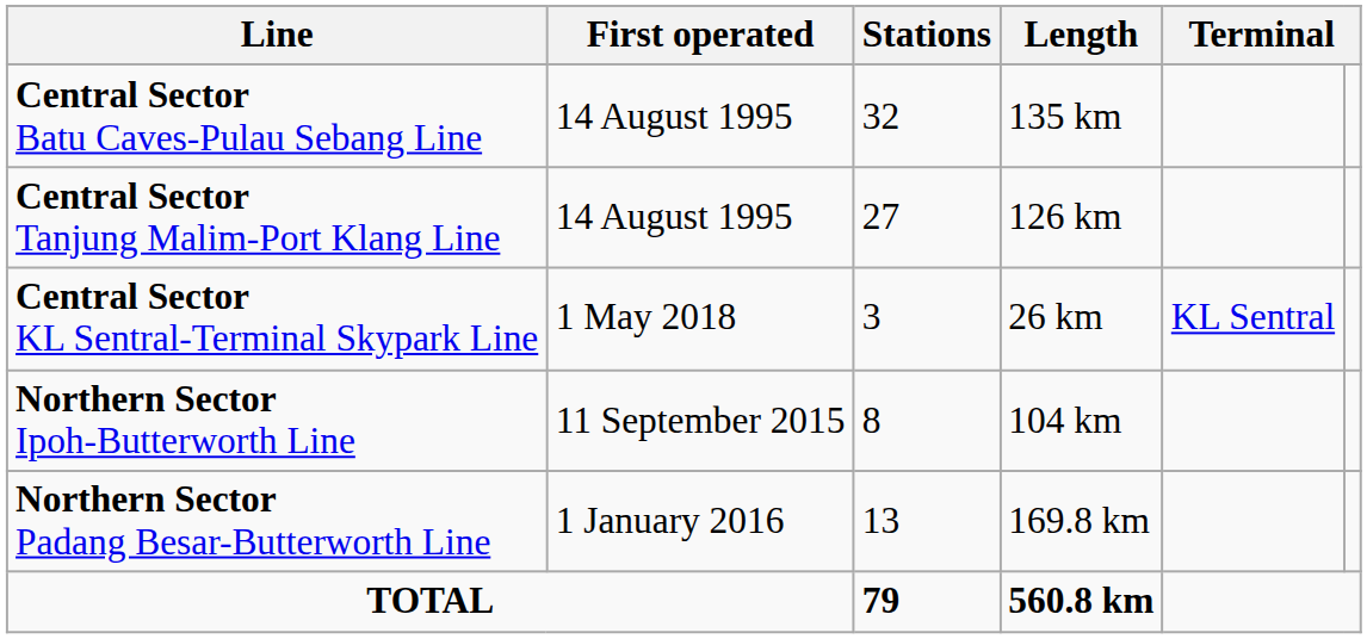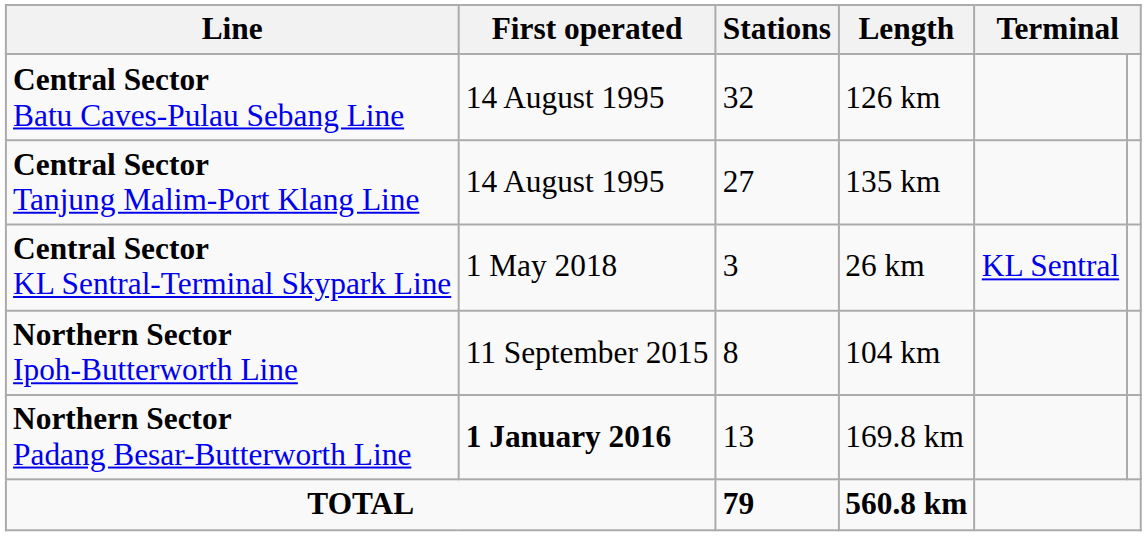 <table class="wikitable" style="margin: 0.5em auto;">
 <tr>
 <th>Line</th>
 <th>First operated</th>
 <th>Stations</th>
 <th>Length</th>
 <th colspan="2">Terminal</th>
 </tr>
 <tr>
 <td rowspan="1"><strong>Central Sector</strong> <br>  <a href='#'>Batu Caves-Pulau Sebang Line</a></td>
 <td>14 August 1995</td>
 <td rowspan='1'>32</td>
-<td rowspan='1'>135 km</td>
+<td rowspan="1">126 km</td>
 <td></td>
 <td></td>
 </tr>
 <tr>
 <td rowspan="1"><strong>Central Sector</strong> <br>  <a href='#'>Tanjung Malim-Port Klang Line</a></td>
 <td>14 August 1995</td>
 <td rowspan="1">27</td>
-<td rowspan="1">126 km</td>
+<td rowspan='1'>135 km</td>
 <td></td>
 <td></td>
 </tr>
 <tr>
 <td rowspan="1"><strong>Central Sector</strong> <br>  <a href='#'>KL Sentral-Terminal Skypark Line</a></td>
 <td>1 May 2018</td>
 <td rowspan="1">3</td>
 <td rowspan="1">26 km</td>
 <td><a href='#'>KL Sentral</a></td>
 <td></td>
 </tr>
 <tr>
 <td><strong>Northern Sector</strong> <br> <a href='#'>Ipoh-Butterworth Line</a></td>
 <td>11 September 2015</td>
 <td>8</td>
 <td>104 km</td>
 <td></td>
 <td></td>
 </tr>
 <tr>
 <td><strong>Northern Sector</strong> <br> <a href='#'>Padang Besar-Butterworth Line</a></td>
-<td>1 January 2016</td>
+<td><strong>1 January 2016</strong></td>
 <td>13</td>
 <td>169.8 km</td>
 <td></td>
 <td></td>
 </tr>
 <tr>
 <td colspan="2" style="text-align:center;"><strong>TOTAL</strong></td>
 <td><strong>79</strong></td>
 <td><strong>560.8 km</strong></td>
 <td colspan="2" style="text-align:center;"> </td>
 </tr>
 </table>
